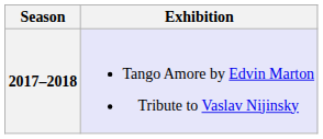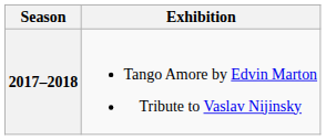 <table class="wikitable" style="text-align:center">
 <tr>
 <th>Season</th>
 <th>Exhibition</th>
 </tr>
 <tr>
 <th>2017–2018 <br></th>
-<td style="background: lavender;"><br><ul><li>Tango Amore by <a href='#'>Edvin Marton</a></li></ul><ul><li>Tribute to <a href='#'>Vaslav Nijinsky</a></li></ul></td>
+<td><br><ul><li>Tango Amore by <a href='#'>Edvin Marton</a></li></ul><ul><li>Tribute to <a href='#'>Vaslav Nijinsky</a></li></ul></td>
 </tr>
 </table>
